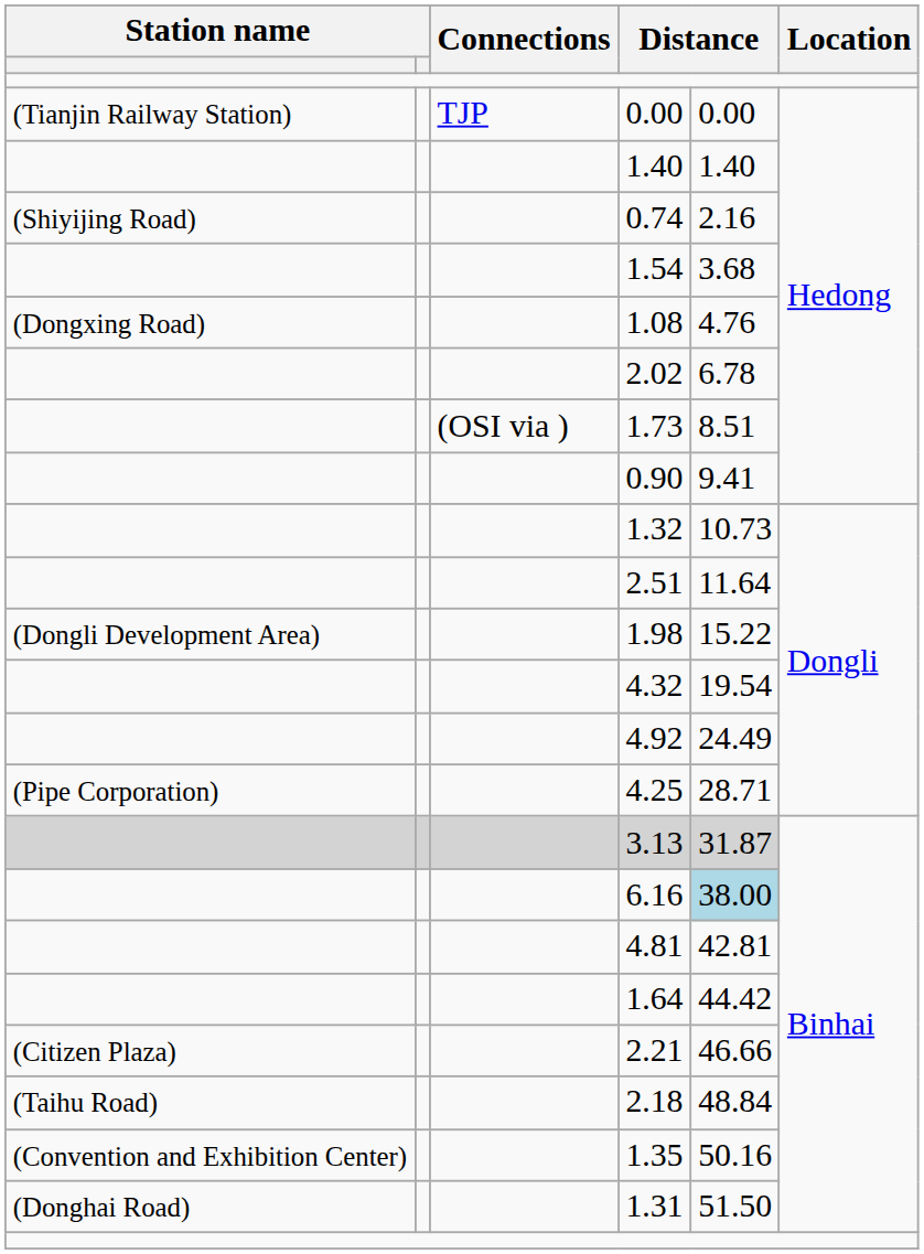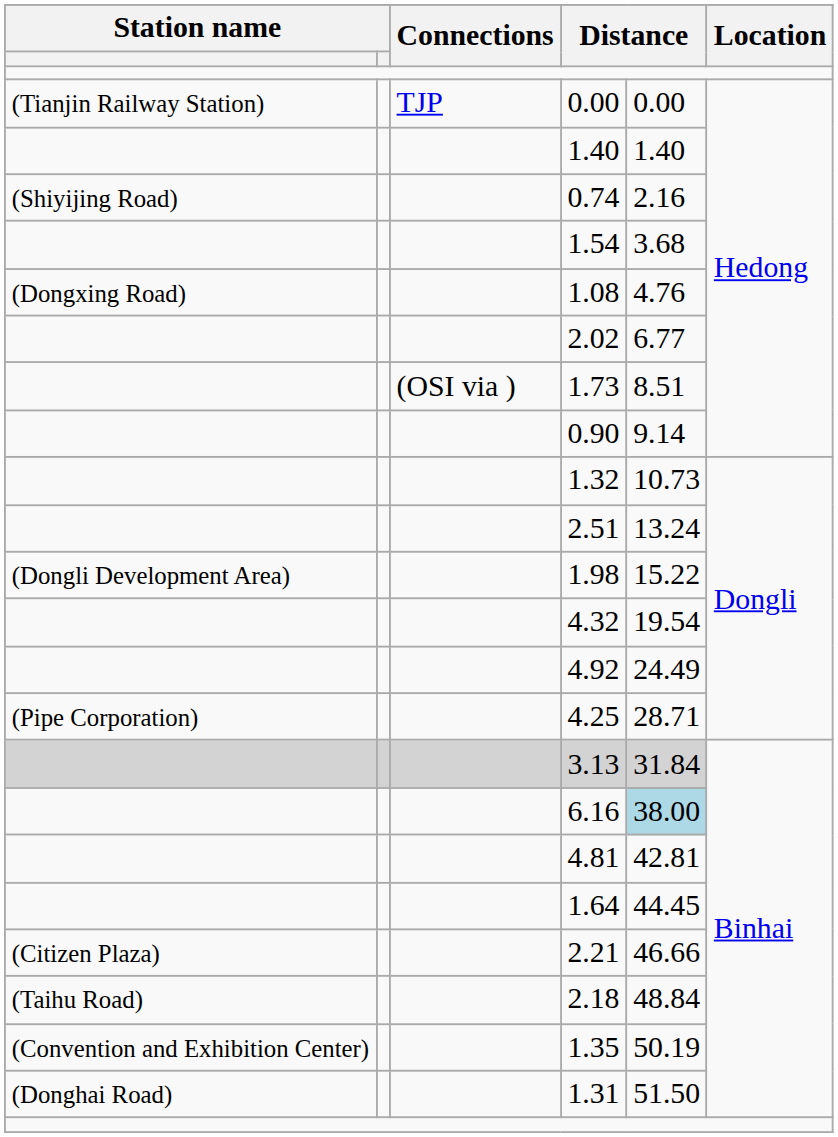 <table class="wikitable">
 <tr>
 <th colspan="2">Station name</th>
 <th rowspan="2">Connections</th>
 <th colspan="2" rowspan="2">Distance<br></th>
 <th rowspan="2">Location</th>
 </tr>
 <tr>
 <th></th>
 <th></th>
 </tr>
 <tr style="background:#">
 <td colspan = "6"></td>
 </tr>
 <tr>
 <td> <small>(Tianjin Railway Station)</small></td>
 <td></td>
 <td>   <a href='#'>TJP</a></td>
 <td>0.00</td>
 <td>0.00</td>
 <td rowspan=8><a href='#'>Hedong</a></td>
 </tr>
 <tr>
 <td></td>
 <td></td>
 <td></td>
 <td>1.40</td>
 <td>1.40</td>
 </tr>
 <tr>
 <td> <small>(Shiyijing Road)</small></td>
 <td></td>
 <td></td>
 <td>0.74</td>
 <td>2.16</td>
 </tr>
 <tr>
 <td></td>
 <td></td>
 <td></td>
 <td>1.54</td>
 <td>3.68</td>
 </tr>
 <tr>
 <td> <small>(Dongxing Road)</small></td>
 <td></td>
 <td></td>
 <td>1.08</td>
 <td>4.76</td>
 </tr>
 <tr>
 <td></td>
 <td></td>
 <td></td>
 <td>2.02</td>
-<td>6.78</td>
+<td>6.77</td>
 </tr>
 <tr>
 <td></td>
 <td></td>
 <td> (OSI via )</td>
 <td>1.73</td>
 <td>8.51</td>
 </tr>
 <tr>
 <td></td>
 <td></td>
 <td></td>
 <td>0.90</td>
-<td>9.41</td>
+<td>9.14</td>
 </tr>
 <tr>
 <td></td>
 <td></td>
 <td></td>
 <td>1.32</td>
 <td>10.73</td>
 <td rowspan="6"><a href='#'>Dongli</a></td>
 </tr>
 <tr>
 <td></td>
 <td></td>
 <td></td>
 <td>2.51</td>
-<td>11.64</td>
+<td>13.24</td>
 </tr>
 <tr>
 <td> <small>(Dongli Development Area)</small></td>
 <td></td>
 <td></td>
 <td>1.98</td>
 <td>15.22</td>
 </tr>
 <tr>
 <td></td>
 <td></td>
 <td></td>
 <td>4.32</td>
 <td>19.54</td>
 </tr>
 <tr>
 <td></td>
 <td></td>
 <td></td>
 <td>4.92</td>
 <td>24.49</td>
 </tr>
 <tr>
 <td> <small>(Pipe Corporation)</small></td>
 <td></td>
 <td></td>
 <td>4.25</td>
 <td>28.71</td>
 </tr>
 <tr>
 <td bgcolor="lightgrey"></td>
 <td bgcolor="lightgrey"></td>
 <td bgcolor="lightgrey"></td>
 <td bgcolor="lightgrey">3.13</td>
-<td bgcolor="lightgrey">31.87</td>
+<td bgcolor="lightgrey">31.84</td>
 <td rowspan=8><a href='#'>Binhai</a></td>
 </tr>
 <tr>
 <td></td>
 <td></td>
 <td></td>
 <td>6.16</td>
 <td style="background: lightblue;">38.00</td>
 </tr>
 <tr>
 <td></td>
 <td></td>
 <td></td>
 <td>4.81</td>
 <td>42.81</td>
 </tr>
 <tr>
 <td></td>
 <td></td>
 <td></td>
 <td>1.64</td>
-<td>44.42</td>
+<td>44.45</td>
 </tr>
 <tr>
 <td> <small>(Citizen Plaza)</small></td>
 <td></td>
 <td></td>
 <td>2.21</td>
 <td>46.66</td>
 </tr>
 <tr>
 <td> <small>(Taihu Road)</small></td>
 <td></td>
 <td></td>
 <td>2.18</td>
 <td>48.84</td>
 </tr>
 <tr>
 <td> <small>(Convention and Exhibition Center)</small></td>
 <td></td>
 <td></td>
 <td>1.35</td>
-<td>50.16</td>
+<td>50.19</td>
 </tr>
 <tr>
 <td> <small>(Donghai Road)</small></td>
 <td></td>
 <td></td>
 <td>1.31</td>
 <td>51.50</td>
 </tr>
 <tr style="background:#">
 <td colspan = "6"></td>
 </tr>
 </table>
